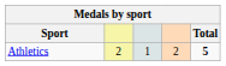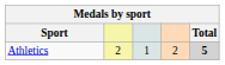 <table class="wikitable" style="font-size:90%; text-align:center;">
 <tr>
 <th colspan="5">Medals by sport</th>
 </tr>
 <tr>
 <th width="120">Sport</th>
 <th scope="col" width="30" style="background:#F7F6A8;"></th>
 <th scope="col" width="30" style="background:#DCE5E5;"></th>
 <th scope="col" width="30" style="background:#FFDAB9;"></th>
 <th width="30">Total</th>
 </tr>
 <tr>
 <td align="left"><a href='#'>Athletics</a></td>
 <td style="background:#F7F6A8;">2</td>
 <td style="background:#DCE5E5;">1</td>
 <td style="background:#FFDAB9;">2</td>
-<td><strong>5</strong></td>
+<td style="background: lightgrey;"><strong>5</strong></td>
 </tr>
 </table>
